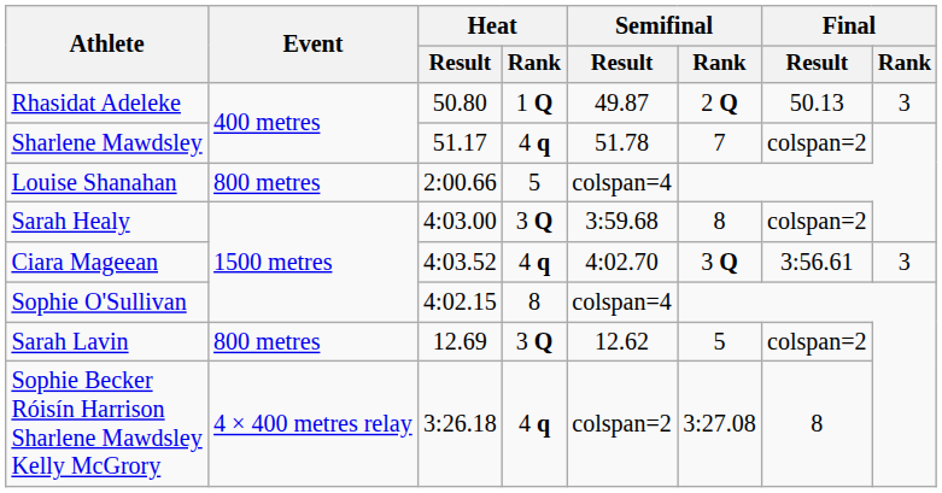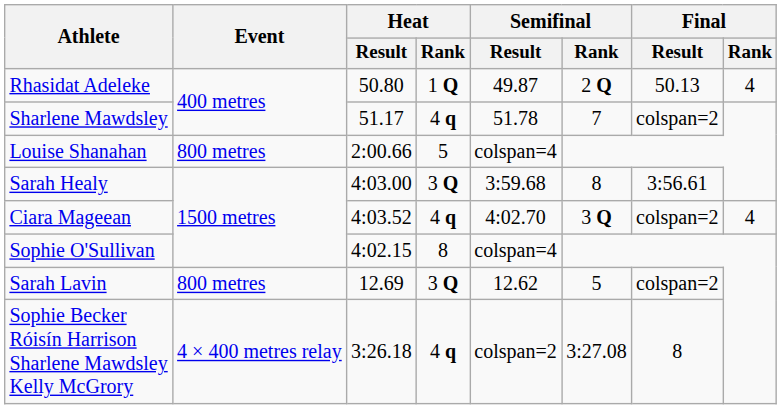 <table class="wikitable" style="font-size:90%">
 <tr>
 <th rowspan="2">Athlete</th>
 <th rowspan="2">Event</th>
 <th colspan="2">Heat</th>
 <th colspan="2">Semifinal</th>
 <th colspan="2">Final</th>
 </tr>
 <tr style="font-size:95%">
 <th>Result</th>
 <th>Rank</th>
 <th>Result</th>
 <th>Rank</th>
 <th>Result</th>
 <th>Rank</th>
 </tr>
 <tr align="center">
 <td align=left><a href='#'>Rhasidat Adeleke</a></td>
 <td align=left rowspan=2><a href='#'>400 metres</a></td>
 <td>50.80</td>
 <td>1 <strong>Q</strong></td>
 <td>49.87</td>
 <td>2 <strong>Q</strong></td>
 <td>50.13</td>
-<td>3</td>
+<td>4</td>
 </tr>
 <tr align="center">
 <td align=left><a href='#'>Sharlene Mawdsley</a></td>
 <td>51.17 </td>
 <td>4 <strong>q</strong></td>
 <td>51.78</td>
 <td>7</td>
 <td>colspan=2 </td>
 </tr>
 <tr align="center">
 <td align=left><a href='#'>Louise Shanahan</a></td>
 <td align=left><a href='#'>800 metres</a></td>
 <td>2:00.66</td>
 <td>5</td>
 <td>colspan=4 </td>
 </tr>
 <tr align="center">
 <td align=left><a href='#'>Sarah Healy</a></td>
 <td align=left rowspan=3><a href='#'>1500 metres</a></td>
 <td>4:03.00</td>
 <td>3 <strong>Q</strong></td>
 <td>3:59.68 </td>
 <td>8</td>
-<td>colspan=2 </td>
+<td>3:56.61 </td>
 </tr>
 <tr align="center">
 <td align=left><a href='#'>Ciara Mageean</a></td>
 <td>4:03.52</td>
 <td>4 <strong>q</strong></td>
 <td>4:02.70</td>
 <td>3 <strong>Q</strong></td>
-<td>3:56.61 </td>
-<td>3</td>
+<td>colspan=2 </td>
+<td>4</td>
 </tr>
 <tr align="center">
 <td align=left><a href='#'>Sophie O'Sullivan</a></td>
 <td>4:02.15 </td>
 <td>8</td>
 <td>colspan=4 </td>
 </tr>
 <tr align="center">
 <td align=left><a href='#'>Sarah Lavin</a></td>
 <td align=left><a href='#'>800 metres</a></td>
 <td>12.69</td>
 <td>3 <strong>Q</strong></td>
 <td>12.62 </td>
 <td>5</td>
 <td>colspan=2 </td>
 </tr>
 <tr align=center>
 <td align=left><a href='#'>Sophie Becker</a><br><a href='#'>Róisín Harrison</a><br><a href='#'>Sharlene Mawdsley</a><br><a href='#'>Kelly McGrory</a></td>
 <td align=left><a href='#'>4 × 400 metres relay</a></td>
 <td>3:26.18 </td>
 <td>4 <strong>q</strong></td>
 <td>colspan=2</td>
 <td>3:27.08</td>
 <td>8</td>
 </tr>
 </table>
